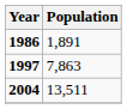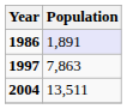 <table class="wikitable">
 <tr>
 <th>Year</th>
 <th>Population</th>
 </tr>
 <tr>
 <td><strong>1986</strong></td>
-<td>1,891</td>
+<td style="background: lavender;">1,891</td>
 </tr>
 <tr>
 <td><strong>1997</strong></td>
 <td>7,863</td>
 </tr>
 <tr>
 <td><strong>2004</strong></td>
 <td>13,511</td>
 </tr>
 <tr>
 </tr>
 </table>
